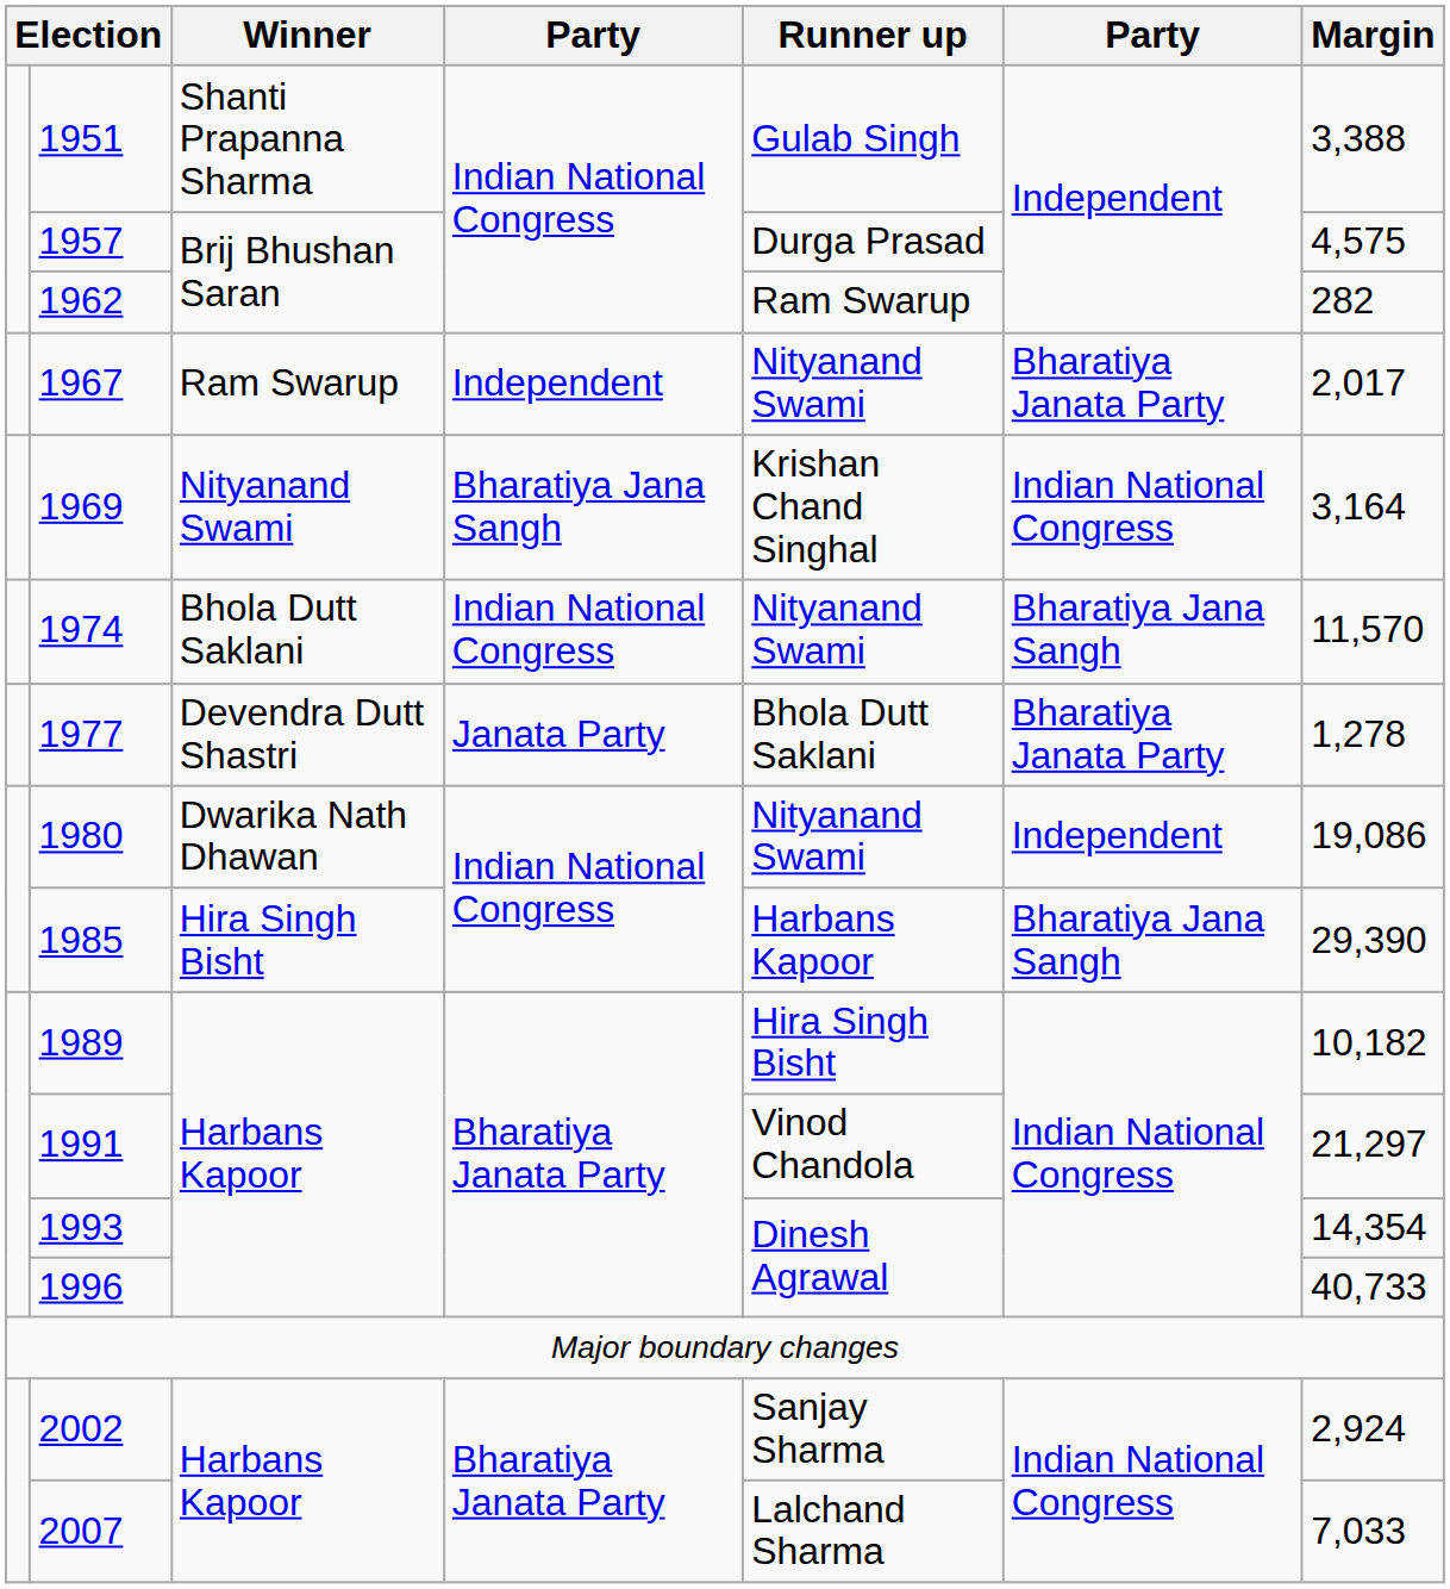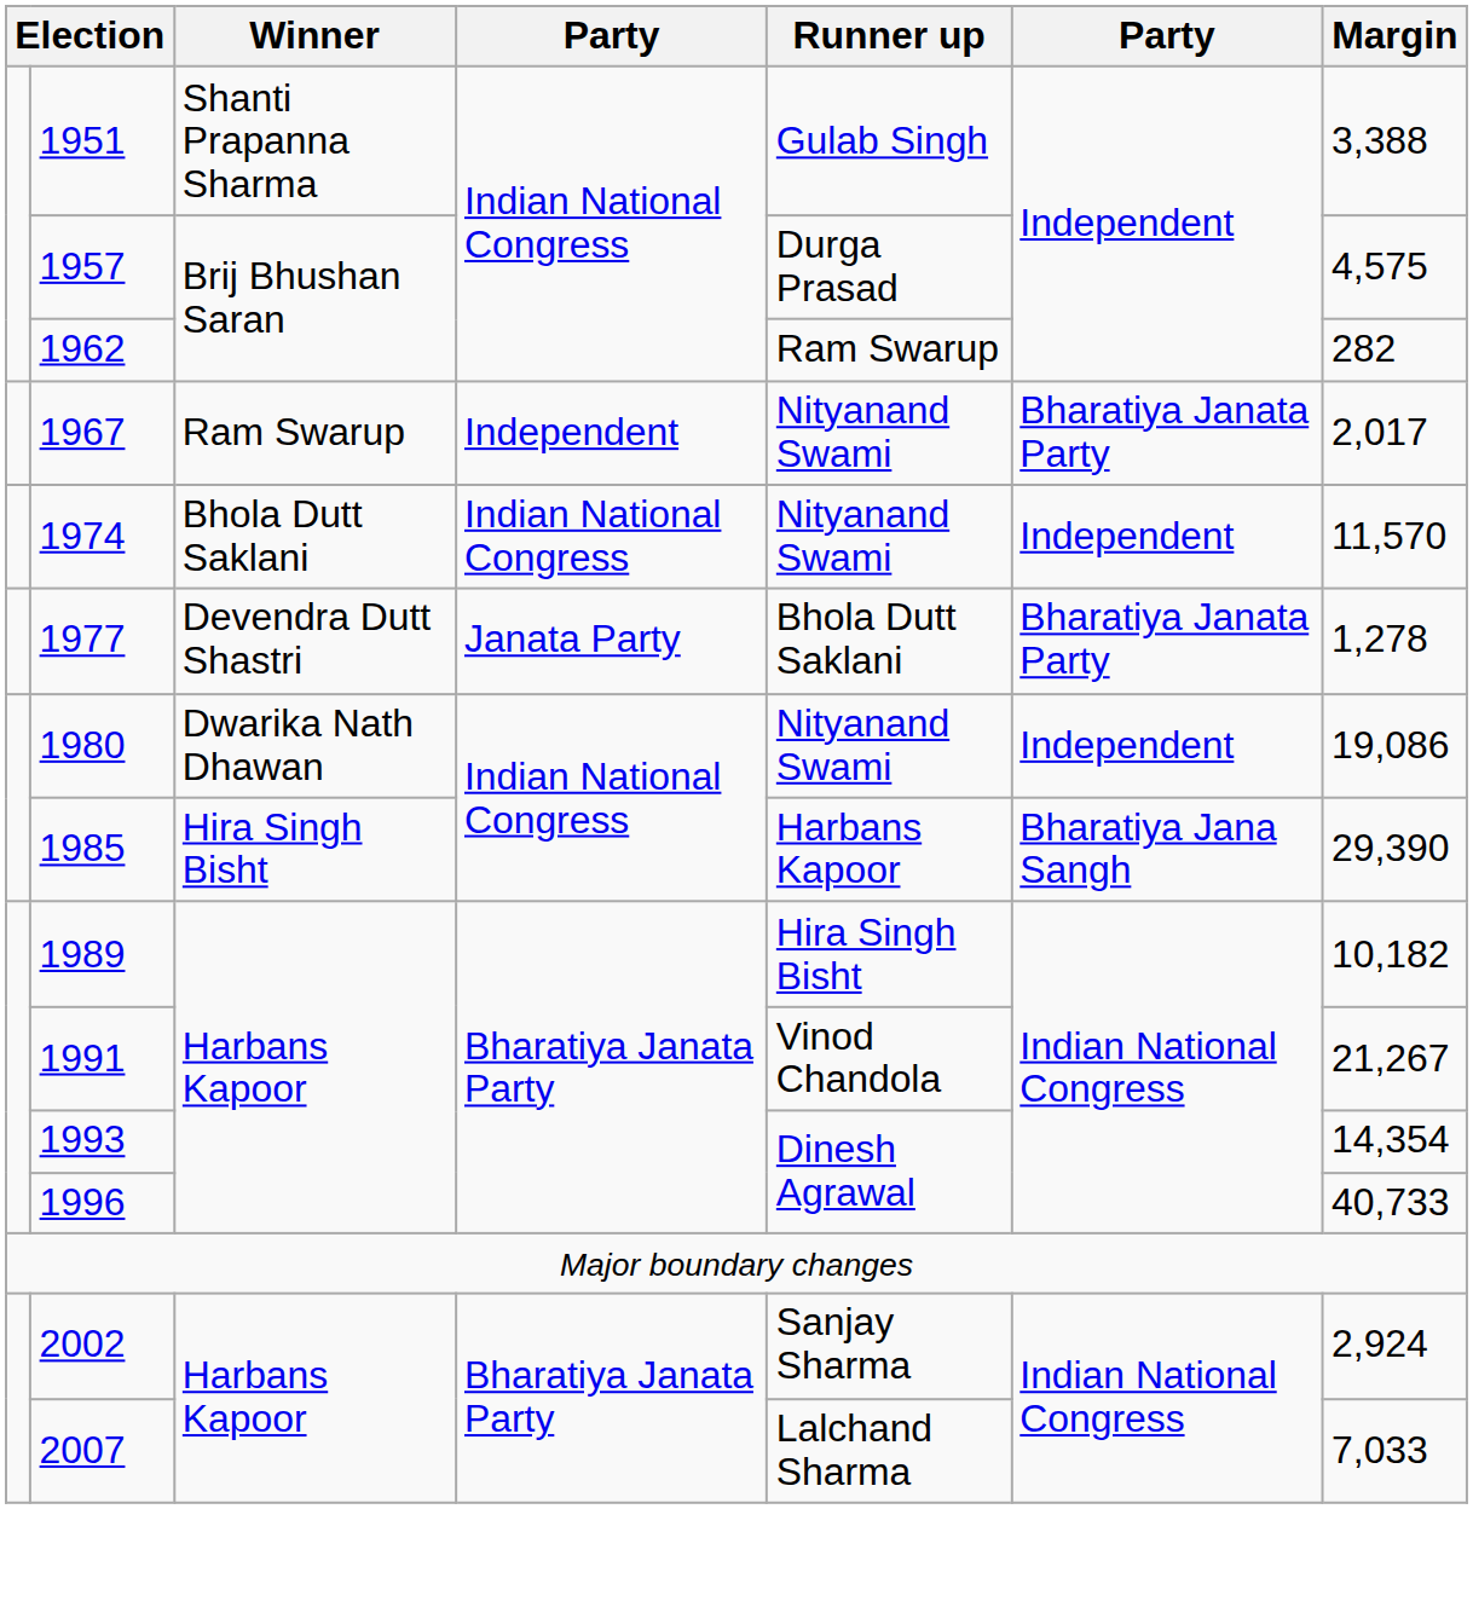 <table class="wikitable">
 <tr>
 <th colspan="2">Election</th>
 <th>Winner</th>
 <th>Party</th>
 <th>Runner up</th>
 <th>Party</th>
 <th>Margin</th>
 </tr>
 <tr>
 <td rowspan=3 style="background-color: "></td>
 <td><a href='#'>1951</a></td>
 <td>Shanti Prapanna Sharma</td>
 <td rowspan=3><a href='#'>Indian National Congress</a></td>
 <td><a href='#'>Gulab Singh</a></td>
 <td rowspan=3><a href='#'>Independent</a></td>
 <td>3,388</td>
 </tr>
 <tr>
 <td><a href='#'>1957</a></td>
 <td rowspan=2>Brij Bhushan Saran</td>
 <td>Durga Prasad</td>
 <td>4,575</td>
 </tr>
 <tr>
 <td><a href='#'>1962</a></td>
 <td>Ram Swarup</td>
 <td>282</td>
 </tr>
 <tr>
 <td style="background-color: "></td>
 <td><a href='#'>1967</a></td>
 <td>Ram Swarup</td>
 <td><a href='#'>Independent</a></td>
 <td><a href='#'>Nityanand Swami</a></td>
 <td><a href='#'>Bharatiya Janata Party</a></td>
 <td>2,017</td>
 </tr>
 <tr>
 <td style="background-color: "></td>
-<td><a href='#'>1969</a></td>
-<td><a href='#'>Nityanand Swami</a></td>
-<td><a href='#'>Bharatiya Jana Sangh</a></td>
-<td>Krishan Chand Singhal</td>
-<td><a href='#'>Indian National Congress</a></td>
-<td>3,164</td>
-</tr>
-<tr>
-<td style="background-color: "></td>
 <td><a href='#'>1974</a></td>
 <td>Bhola Dutt Saklani</td>
 <td><a href='#'>Indian National Congress</a></td>
 <td><a href='#'>Nityanand Swami</a></td>
-<td><a href='#'>Bharatiya Jana Sangh</a></td>
+<td><a href='#'>Independent</a></td>
 <td>11,570</td>
 </tr>
 <tr>
 <td style="background-color: "></td>
 <td><a href='#'>1977</a></td>
 <td>Devendra Dutt Shastri</td>
 <td><a href='#'>Janata Party</a></td>
 <td>Bhola Dutt Saklani</td>
 <td><a href='#'>Bharatiya Janata Party</a></td>
 <td>1,278</td>
 </tr>
 <tr>
 <td rowspan=2 style="background-color: "></td>
 <td><a href='#'>1980</a></td>
 <td>Dwarika Nath Dhawan</td>
 <td rowspan=2><a href='#'>Indian National Congress</a></td>
 <td><a href='#'>Nityanand Swami</a></td>
 <td><a href='#'>Independent</a></td>
 <td>19,086</td>
 </tr>
 <tr>
 <td><a href='#'>1985</a></td>
 <td><a href='#'>Hira Singh Bisht</a></td>
 <td><a href='#'>Harbans Kapoor</a></td>
 <td><a href='#'>Bharatiya Jana Sangh</a></td>
 <td>29,390</td>
 </tr>
 <tr>
 <td rowspan=4 style="background-color: "></td>
 <td><a href='#'>1989</a></td>
 <td rowspan=4><a href='#'>Harbans Kapoor</a></td>
 <td rowspan=4><a href='#'>Bharatiya Janata Party</a></td>
 <td><a href='#'>Hira Singh Bisht</a></td>
 <td rowspan=4><a href='#'>Indian National Congress</a></td>
 <td>10,182</td>
 </tr>
 <tr>
 <td><a href='#'>1991</a></td>
 <td>Vinod Chandola</td>
-<td>21,297</td>
+<td>21,267</td>
 </tr>
 <tr>
 <td><a href='#'>1993</a></td>
 <td rowspan=2><a href='#'>Dinesh Agrawal</a></td>
 <td>14,354</td>
 </tr>
 <tr>
 <td><a href='#'>1996</a></td>
 <td>40,733</td>
 </tr>
 <tr>
 <td colspan=7 align=center><small><em>Major boundary changes</em></small></td>
 </tr>
 <tr>
 <td rowspan=2 style="background-color: "></td>
 <td><a href='#'>2002</a></td>
 <td rowspan=2><a href='#'>Harbans Kapoor</a></td>
 <td rowspan=2><a href='#'>Bharatiya Janata Party</a></td>
 <td>Sanjay Sharma</td>
 <td rowspan=2><a href='#'>Indian National Congress</a></td>
 <td>2,924</td>
 </tr>
 <tr>
 <td><a href='#'>2007</a></td>
 <td>Lalchand Sharma</td>
 <td>7,033</td>
 </tr>
 </table>
